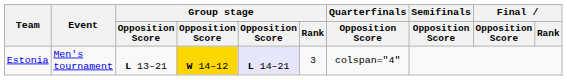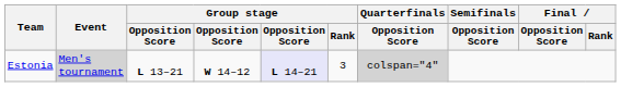 <table class="wikitable" style="text-align:center; font-size:90%">
 <tr>
 <th rowspan=2>Team</th>
 <th rowspan=2>Event</th>
 <th colspan=4>Group stage</th>
 <th>Quarterfinals</th>
 <th>Semifinals</th>
 <th colspan=2>Final / </th>
 </tr>
 <tr style="font-size:95%">
 <th>Opposition<br>Score</th>
 <th>Opposition<br>Score</th>
 <th>Opposition<br>Score</th>
 <th>Rank</th>
 <th>Opposition<br>Score</th>
 <th>Opposition<br>Score</th>
 <th>Opposition<br>Score</th>
 <th>Rank</th>
 </tr>
 <tr>
 <td align=left><a href='#'>Estonia</a></td>
-<td align=left><a href='#'>Men's tournament</a></td>
+<td align=left style="background: lightgrey;"><a href='#'>Men's tournament</a></td>
 <td><br><strong>L</strong> 13–21</td>
-<td style="background: gold;"><br><strong>W</strong> 14–12</td>
+<td><br><strong>W</strong> 14–12</td>
 <td style="background: lavender;"><br><strong>L</strong> 14–21</td>
 <td>3</td>
-<td>colspan="4" </td>
+<td style="background: lightgrey;">colspan="4" </td>
 </tr>
 </table>
